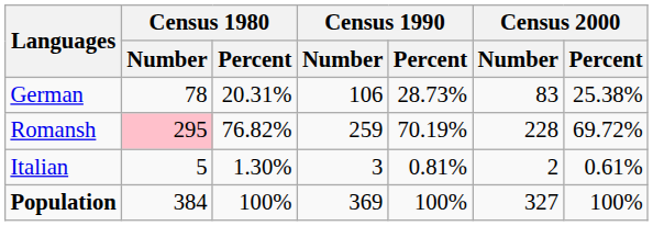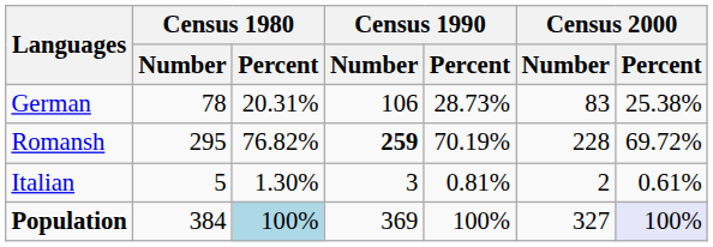 <table class="wikitable">
 <tr ---->
 <th rowspan="2">Languages</th>
 <th colspan="2">Census 1980</th>
 <th colspan="2">Census 1990</th>
 <th colspan="2">Census 2000</th>
 </tr>
 <tr ---->
 <th>Number</th>
 <th>Percent</th>
 <th>Number</th>
 <th>Percent</th>
 <th>Number</th>
 <th>Percent</th>
 </tr>
 <tr ---->
 <td><a href='#'>German</a></td>
 <td align=right>78</td>
 <td align=right>20.31%</td>
 <td align=right>106</td>
 <td align=right>28.73%</td>
 <td align=right>83</td>
 <td align=right>25.38%</td>
 </tr>
 <tr ---->
 <td><a href='#'>Romansh</a></td>
-<td align=right style="background: pink;">295</td>
+<td align=right>295</td>
 <td align=right>76.82%</td>
-<td align=right>259</td>
+<td align=right><strong>259</strong></td>
 <td align=right>70.19%</td>
 <td align=right>228</td>
 <td align=right>69.72%</td>
 </tr>
 <tr ---->
 <td><a href='#'>Italian</a></td>
 <td align=right>5</td>
 <td align=right>1.30%</td>
 <td align=right>3</td>
 <td align=right>0.81%</td>
 <td align=right>2</td>
 <td align=right>0.61%</td>
 </tr>
 <tr ---->
 <td><strong>Population</strong></td>
 <td align=right>384</td>
-<td align=right>100%</td>
+<td align=right style="background: lightblue;">100%</td>
 <td align=right>369</td>
 <td align=right>100%</td>
 <td align=right>327</td>
-<td align=right>100%</td>
+<td align=right style="background: lavender;">100%</td>
 </tr>
 </table>
